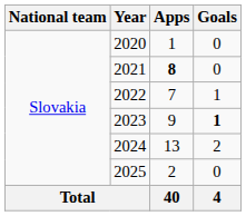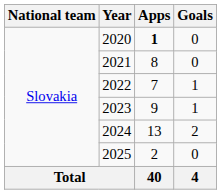 <table class="wikitable" style="text-align:center">
 <tr>
 <th>National team</th>
 <th>Year</th>
 <th>Apps</th>
 <th>Goals</th>
 </tr>
 <tr>
 <td rowspan="6"><a href='#'>Slovakia</a></td>
 <td>2020</td>
-<td>1</td>
+<td><strong>1</strong></td>
 <td>0</td>
 </tr>
 <tr>
 <td>2021</td>
-<td><strong>8</strong></td>
+<td>8</td>
 <td>0</td>
 </tr>
 <tr>
 <td>2022</td>
 <td>7</td>
 <td>1</td>
 </tr>
 <tr>
 <td>2023</td>
 <td>9</td>
-<td><strong>1</strong></td>
+<td>1</td>
 </tr>
 <tr>
 <td>2024</td>
 <td>13</td>
 <td>2</td>
 </tr>
 <tr>
 <td>2025</td>
 <td>2</td>
 <td>0</td>
 </tr>
 <tr>
 <th colspan="2">Total</th>
 <th>40</th>
 <th>4</th>
 </tr>
 </table>
